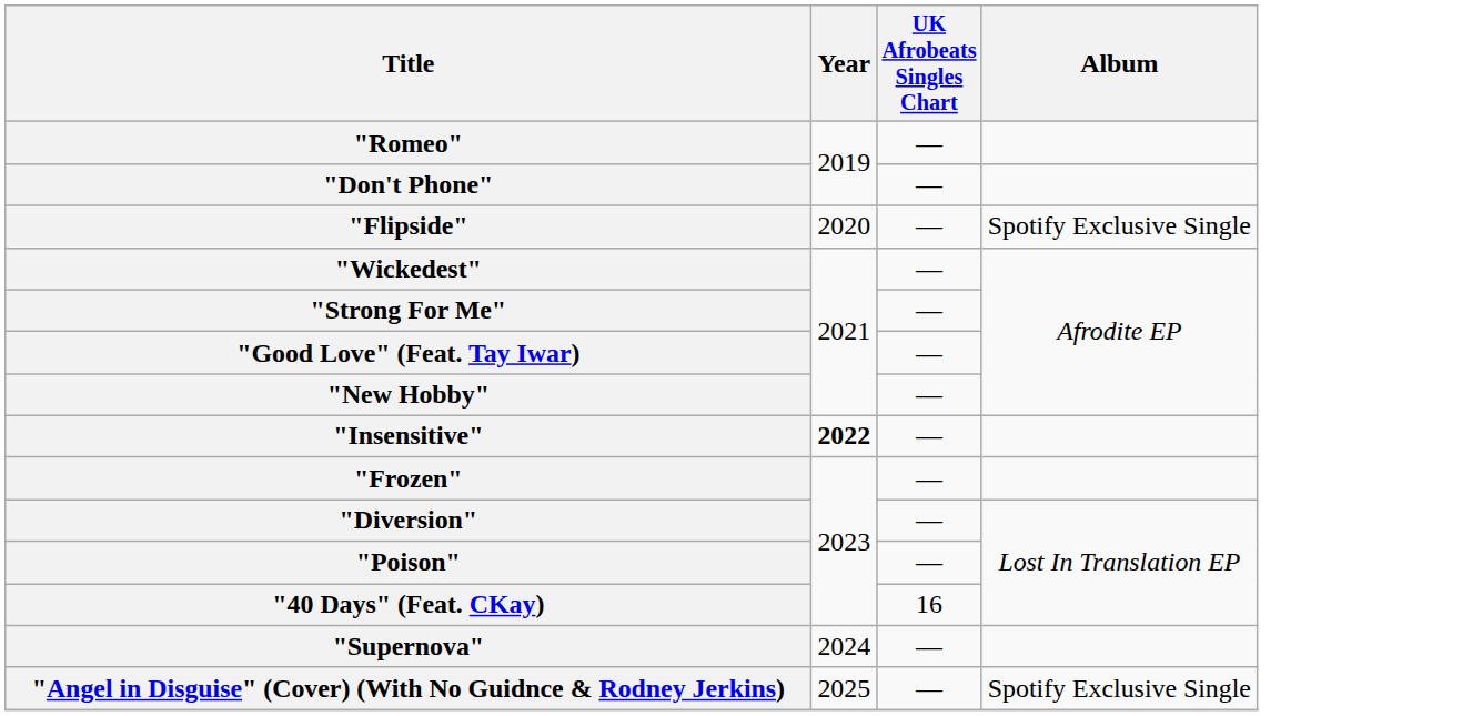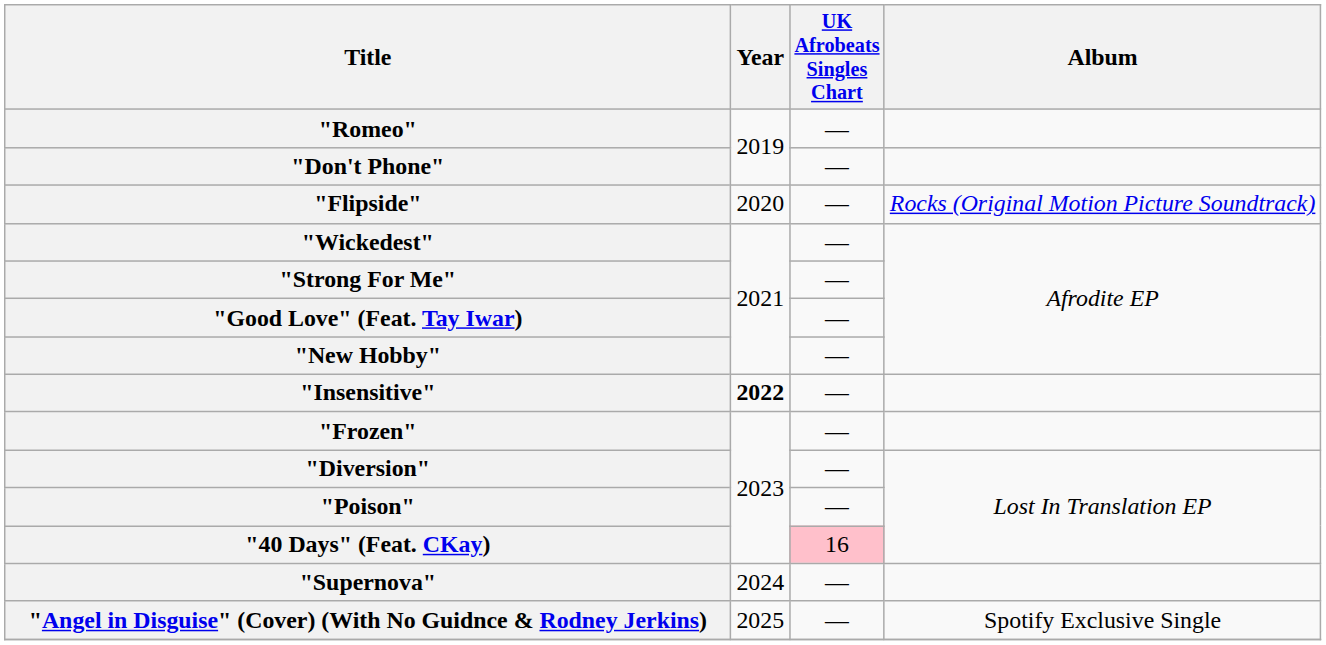 <table class="wikitable plainrowheaders" style="text-align:center;">
 <tr>
 <th scope="col" style="width:30em;">Title</th>
 <th scope="col">Year</th>
 <th scope="col" style="width:3em;font-size:85%;"><a href='#'>UK Afrobeats Singles Chart</a><br></th>
 <th scope="col">Album</th>
 </tr>
 <tr>
 <th scope="row">"Romeo"</th>
 <td rowspan="2">2019</td>
 <td>—</td>
 <td></td>
 </tr>
 <tr>
 <th scope="row">"Don't Phone"</th>
 <td>—</td>
 <td></td>
 </tr>
 <tr>
 <th scope="row">"Flipside"</th>
 <td>2020</td>
 <td>—</td>
-<td>Spotify Exclusive Single</td>
+<td><em><a href='#'>Rocks (Original Motion Picture Soundtrack)</a></em></td>
 </tr>
 <tr>
 <th scope="row">"Wickedest"</th>
 <td rowspan="4">2021</td>
 <td>—</td>
 <td rowspan="4"><em>Afrodite EP</em></td>
 </tr>
 <tr>
 <th scope="row">"Strong For Me"</th>
 <td>—</td>
 </tr>
 <tr>
 <th scope="row">"Good Love" (Feat. <a href='#'>Tay Iwar</a>)</th>
 <td>—</td>
 </tr>
 <tr>
 <th scope="row">"New Hobby"</th>
 <td>—</td>
 </tr>
 <tr>
 <th scope="row">"Insensitive"</th>
 <td><strong>2022</strong></td>
 <td>—</td>
 <td></td>
 </tr>
 <tr>
 <th scope="row">"Frozen"</th>
 <td rowspan="4">2023</td>
 <td>—</td>
 <td></td>
 </tr>
 <tr>
 <th scope="row">"Diversion"</th>
 <td>—</td>
 <td rowspan="3"><em>Lost In Translation EP</em></td>
 </tr>
 <tr>
 <th scope="row">"Poison"</th>
 <td>—</td>
 </tr>
 <tr>
 <th scope="row">"40 Days" (Feat. <a href='#'>CKay</a>)</th>
-<td>16</td>
+<td style="background: pink;">16</td>
 </tr>
 <tr>
 <th scope="row">"Supernova"</th>
 <td>2024</td>
 <td>—</td>
 <td><em></em></td>
 </tr>
 <tr>
 <th scope="row">"<a href='#'>Angel in Disguise</a>" (Cover) (With No Guidnce & <a href='#'>Rodney Jerkins</a>)</th>
 <td>2025</td>
 <td>—</td>
 <td>Spotify Exclusive Single</td>
 </tr>
 <tr>
 </tr>
 </table>
